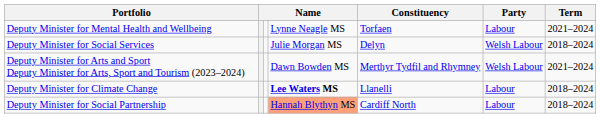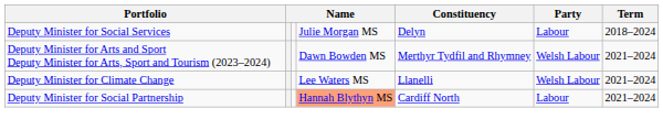 <table class="wikitable">
 <tr>
 <th style="width: 390px">Portfolio</th>
 <th colspan="3">Name</th>
 <th>Constituency</th>
 <th>Party</th>
 <th>Term</th>
 </tr>
 <tr>
-<td><a href='#'>Deputy Minister for Mental Health and Wellbeing</a></td>
-<th style="background-color: "></th>
-<td></td>
-<td><a href='#'>Lynne Neagle</a> MS</td>
-<td><a href='#'>Torfaen</a></td>
-<td><a href='#'>Labour</a></td>
-<td>2021–2024</td>
-</tr>
-<tr>
 <td><a href='#'>Deputy Minister for Social Services</a></td>
 <th style="background-color: "></th>
 <td></td>
 <td><a href='#'>Julie Morgan</a> MS</td>
 <td><a href='#'>Delyn</a></td>
-<td><a href='#'>Welsh Labour</a></td>
+<td><a href='#'>Labour</a></td>
 <td>2018–2024</td>
 </tr>
 <tr>
 <td><a href='#'>Deputy Minister for Arts and Sport</a><br><a href='#'>Deputy Minister for Arts, Sport and Tourism</a> (2023–2024)</td>
 <th style="background-color: "></th>
 <td></td>
 <td><a href='#'>Dawn Bowden</a> MS</td>
 <td><a href='#'>Merthyr Tydfil and Rhymney</a></td>
 <td><a href='#'>Welsh Labour</a></td>
 <td>2021–2024</td>
 </tr>
 <tr>
 <td><a href='#'>Deputy Minister for Climate Change</a></td>
 <th style="background-color: "></th>
 <td></td>
-<td><strong><a href='#'>Lee Waters</a> MS</strong></td>
+<td><a href='#'>Lee Waters</a> MS</td>
 <td><a href='#'>Llanelli</a></td>
-<td><a href='#'>Labour</a></td>
-<td>2018–2024</td>
+<td><a href='#'>Welsh Labour</a></td>
+<td>2021–2024</td>
 </tr>
 <tr>
 <td><a href='#'>Deputy Minister for Social Partnership</a></td>
 <th style="background-color: "></th>
 <td></td>
 <td style="background: lightsalmon;"><a href='#'>Hannah Blythyn</a> MS</td>
 <td><a href='#'>Cardiff North</a></td>
 <td><a href='#'>Labour</a></td>
-<td>2018–2024</td>
+<td>2021–2024</td>
 </tr>
 </table>
